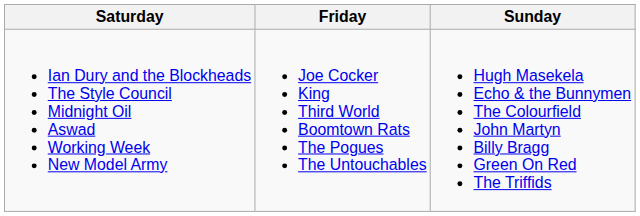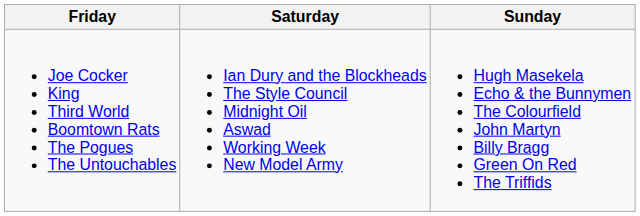 <table class="wikitable">
 <tr>
+<th>Friday</th>
 <th>Saturday</th>
-<th>Friday</th>
 <th>Sunday</th>
 </tr>
 <tr valign="top">
+<td><br><ul><li><a href='#'>Joe Cocker</a></li><li><a href='#'>King</a></li><li><a href='#'>Third World</a></li><li><a href='#'>Boomtown Rats</a></li><li><a href='#'>The Pogues</a></li><li><a href='#'>The Untouchables</a></li></ul></td>
 <td><br><ul><li><a href='#'>Ian Dury and the Blockheads</a></li><li><a href='#'>The Style Council</a></li><li><a href='#'>Midnight Oil</a></li><li><a href='#'>Aswad</a></li><li><a href='#'>Working Week</a></li><li><a href='#'>New Model Army</a></li></ul></td>
-<td><br><ul><li><a href='#'>Joe Cocker</a></li><li><a href='#'>King</a></li><li><a href='#'>Third World</a></li><li><a href='#'>Boomtown Rats</a></li><li><a href='#'>The Pogues</a></li><li><a href='#'>The Untouchables</a></li></ul></td>
 <td><br><ul><li><a href='#'>Hugh Masekela</a></li><li><a href='#'>Echo & the Bunnymen</a></li><li><a href='#'>The Colourfield</a></li><li><a href='#'>John Martyn</a></li><li><a href='#'>Billy Bragg</a></li><li><a href='#'>Green On Red</a></li><li><a href='#'>The Triffids</a></li></ul></td>
 </tr>
 </table>
